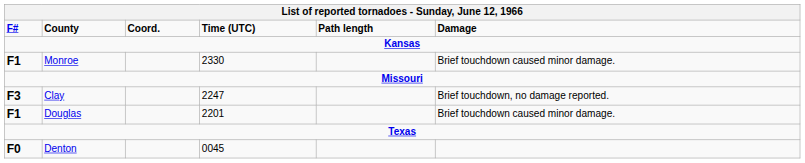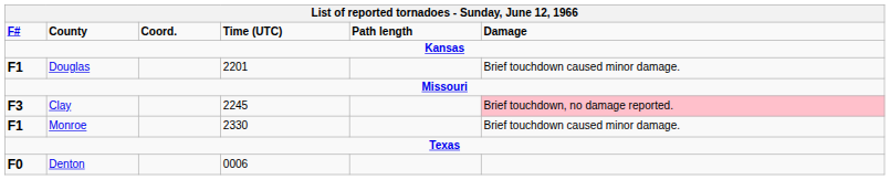 <table class="wikitable collapsible" style="width:100%;">
 <tr>
 <th colspan="6">List of reported tornadoes - Sunday, June 12, 1966</th>
 </tr>
 <tr>
 <td><strong><a href='#'>F#</a></strong></td>
 <td><strong>County</strong></td>
 <td><strong>Coord.</strong></td>
 <td><strong>Time (UTC)</strong></td>
 <td><strong>Path length</strong></td>
 <td><strong>Damage</strong></td>
 </tr>
 <tr>
 <td colspan="6" style="text-align:center;"><strong><a href='#'>Kansas</a></strong></td>
 </tr>
 <tr>
 <td><big><strong>F1</strong></big></td>
-<td><a href='#'>Monroe</a></td>
+<td><a href='#'>Douglas</a></td>
 <td></td>
-<td>2330</td>
+<td>2201</td>
 <td></td>
 <td>Brief touchdown caused minor damage.</td>
 </tr>
 <tr>
 <td colspan="6" style="text-align:center;"><strong><a href='#'>Missouri</a></strong></td>
 </tr>
 <tr>
 <td><big><strong>F3</strong></big></td>
 <td><a href='#'>Clay</a></td>
 <td></td>
-<td>2247</td>
+<td>2245</td>
 <td></td>
-<td>Brief touchdown, no damage reported.</td>
+<td style="background: pink;">Brief touchdown, no damage reported.</td>
 </tr>
 <tr>
 <td><big><strong>F1</strong></big></td>
-<td><a href='#'>Douglas</a></td>
+<td><a href='#'>Monroe</a></td>
 <td></td>
-<td>2201</td>
+<td>2330</td>
 <td></td>
 <td>Brief touchdown caused minor damage.</td>
 </tr>
 <tr>
 <td colspan="6" style="text-align:center;"><strong><a href='#'>Texas</a></strong></td>
 </tr>
 <tr>
 <td><big><strong>F0</strong></big></td>
 <td><a href='#'>Denton</a></td>
 <td></td>
-<td>0045</td>
+<td>0006</td>
 <td></td>
 <td></td>
 </tr>
 </table>
